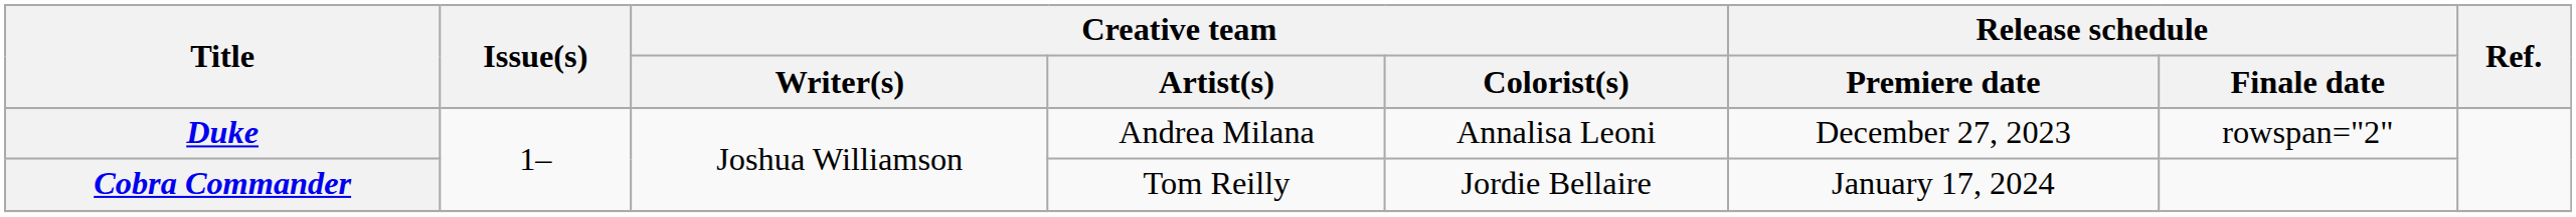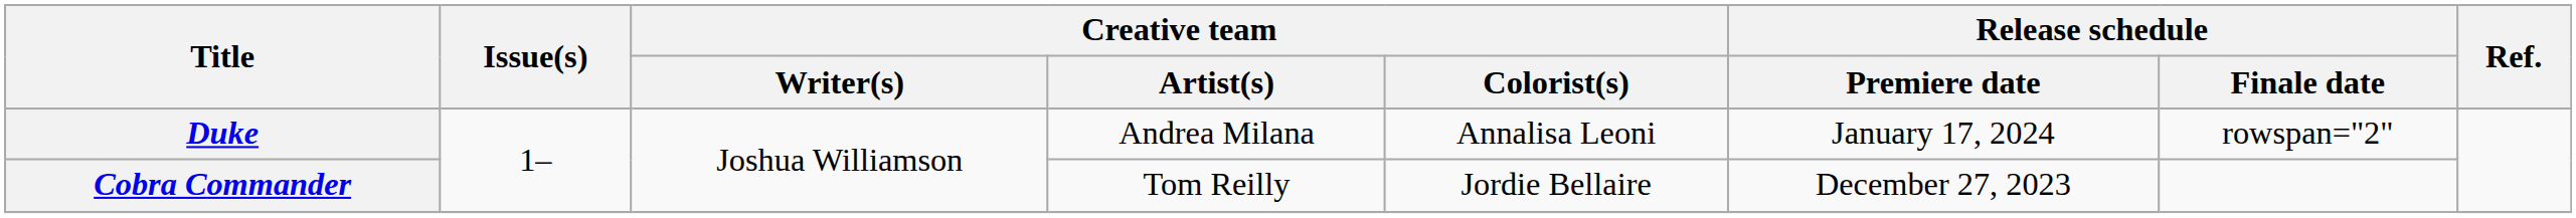 <table class="wikitable" width="100%" style="text-align: center;">
 <tr>
 <th rowspan="2" scope="col">Title</th>
 <th rowspan="2" scope="col">Issue(s)</th>
 <th colspan="3" scope="col">Creative team</th>
 <th colspan="2" scope="col">Release schedule</th>
 <th rowspan="2" scope="col">Ref.</th>
 </tr>
 <tr>
 <th scope="col">Writer(s)</th>
 <th scope="col">Artist(s)</th>
 <th scope="col">Colorist(s)</th>
 <th scope="col">Premiere date</th>
 <th scope="col">Finale date</th>
 </tr>
 <tr>
 <th><a href='#'><em>Duke</em></a></th>
 <td rowspan="2">1–</td>
 <td rowspan="2">Joshua Williamson</td>
 <td>Andrea Milana</td>
 <td>Annalisa Leoni</td>
-<td>December 27, 2023</td>
+<td>January 17, 2024</td>
 <td>rowspan="2" </td>
 <td rowspan="2"></td>
 </tr>
 <tr>
 <th><em><a href='#'>Cobra Commander</a></em></th>
 <td>Tom Reilly</td>
 <td>Jordie Bellaire</td>
-<td>January 17, 2024</td>
+<td>December 27, 2023</td>
 </tr>
 <tr>
 </tr>
 </table>
